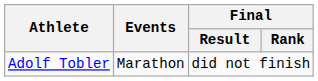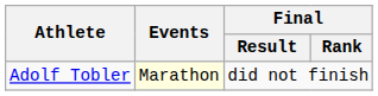 <table class=wikitable style="font-size:90%">
 <tr>
 <th rowspan="2">Athlete</th>
 <th rowspan="2">Events</th>
 <th colspan="2">Final</th>
 </tr>
 <tr>
 <th>Result</th>
 <th>Rank</th>
 </tr>
 <tr>
 <td><a href='#'>Adolf Tobler</a></td>
-<td>Marathon</td>
+<td style="background: lightyellow;">Marathon</td>
 <td align="center" colspan=2>did not finish</td>
 </tr>
 </table>
